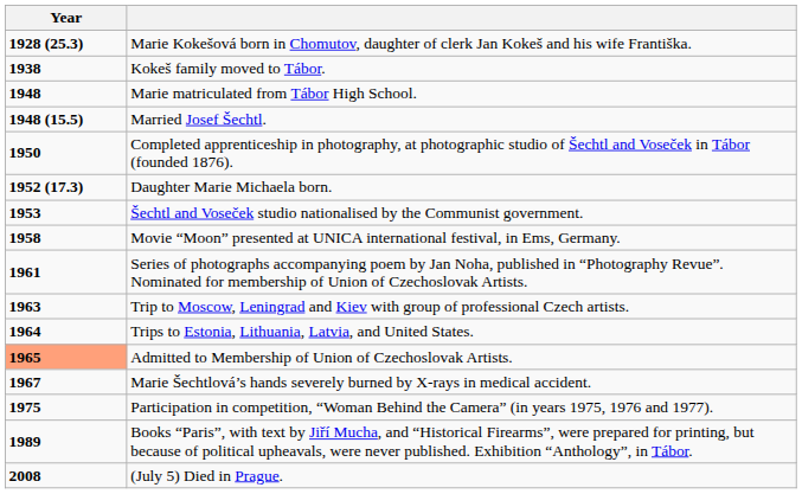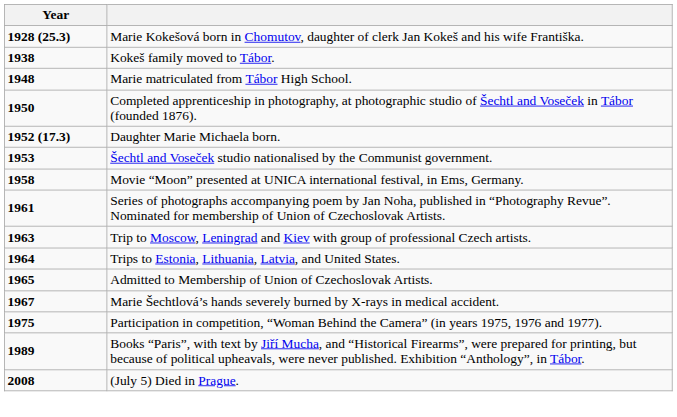 <table class="wikitable" width=90%>
 <tr bgcolor="#efefef">
 <th width="6%">Year</th>
 <th width="33%"></th>
 </tr>
 <tr valign=top>
 <td><strong>1928 (25.3)</strong></td>
 <td>Marie Kokešová born in <a href='#'>Chomutov</a>, daughter of clerk Jan Kokeš and his wife Františka.</td>
 </tr>
 <tr>
 <td><strong>1938</strong></td>
 <td>Kokeš family moved to <a href='#'>Tábor</a>.</td>
 </tr>
 <tr>
 <td><strong>1948</strong></td>
 <td>Marie matriculated from <a href='#'>Tábor</a> High School.</td>
-</tr>
-<tr>
-<td><strong>1948 (15.5)</strong></td>
-<td>Married <a href='#'>Josef Šechtl</a>.</td>
 </tr>
 <tr>
 <td><strong>1950</strong></td>
 <td>Completed apprenticeship in photography, at photographic studio of <a href='#'>Šechtl and Voseček</a> in <a href='#'>Tábor</a> (founded 1876).</td>
 </tr>
 <tr>
 <td><strong>1952 (17.3)</strong></td>
 <td>Daughter Marie Michaela born.</td>
 </tr>
 <tr>
 <td><strong>1953</strong></td>
 <td><a href='#'>Šechtl and Voseček</a> studio nationalised by the Communist government.</td>
 </tr>
 <tr>
 <td><strong>1958</strong></td>
 <td>Movie “Moon” presented at UNICA international festival, in Ems, Germany.</td>
 </tr>
 <tr>
 <td><strong>1961</strong></td>
 <td>Series of photographs accompanying poem by Jan Noha, published in “Photography Revue”. Nominated for membership of Union of Czechoslovak Artists.</td>
 </tr>
 <tr>
 <td><strong>1963</strong></td>
 <td>Trip to <a href='#'>Moscow</a>, <a href='#'>Leningrad</a> and <a href='#'>Kiev</a> with group of professional Czech artists.</td>
 </tr>
 <tr>
 <td><strong>1964</strong></td>
 <td>Trips to <a href='#'>Estonia</a>, <a href='#'>Lithuania</a>, <a href='#'>Latvia</a>, and United States.</td>
 </tr>
 <tr>
-<td style="background: lightsalmon;"><strong>1965</strong></td>
+<td><strong>1965</strong></td>
 <td>Admitted to Membership of Union of Czechoslovak Artists.</td>
 </tr>
 <tr>
 <td><strong>1967</strong></td>
 <td>Marie Šechtlová’s hands severely burned by X-rays in medical accident.</td>
 </tr>
 <tr>
 <td><strong>1975</strong></td>
 <td>Participation in competition, “Woman Behind the Camera” (in years 1975, 1976 and 1977).</td>
 </tr>
 <tr>
 <td><strong>1989</strong></td>
 <td>Books “Paris”, with text by <a href='#'>Jiří Mucha</a>, and “Historical Firearms”, were prepared for printing, but because of political upheavals, were never published. Exhibition “Anthology”, in <a href='#'>Tábor</a>.</td>
 </tr>
 <tr>
 <td><strong>2008</strong></td>
 <td>(July 5) Died in <a href='#'>Prague</a>.</td>
 </tr>
 </table>
